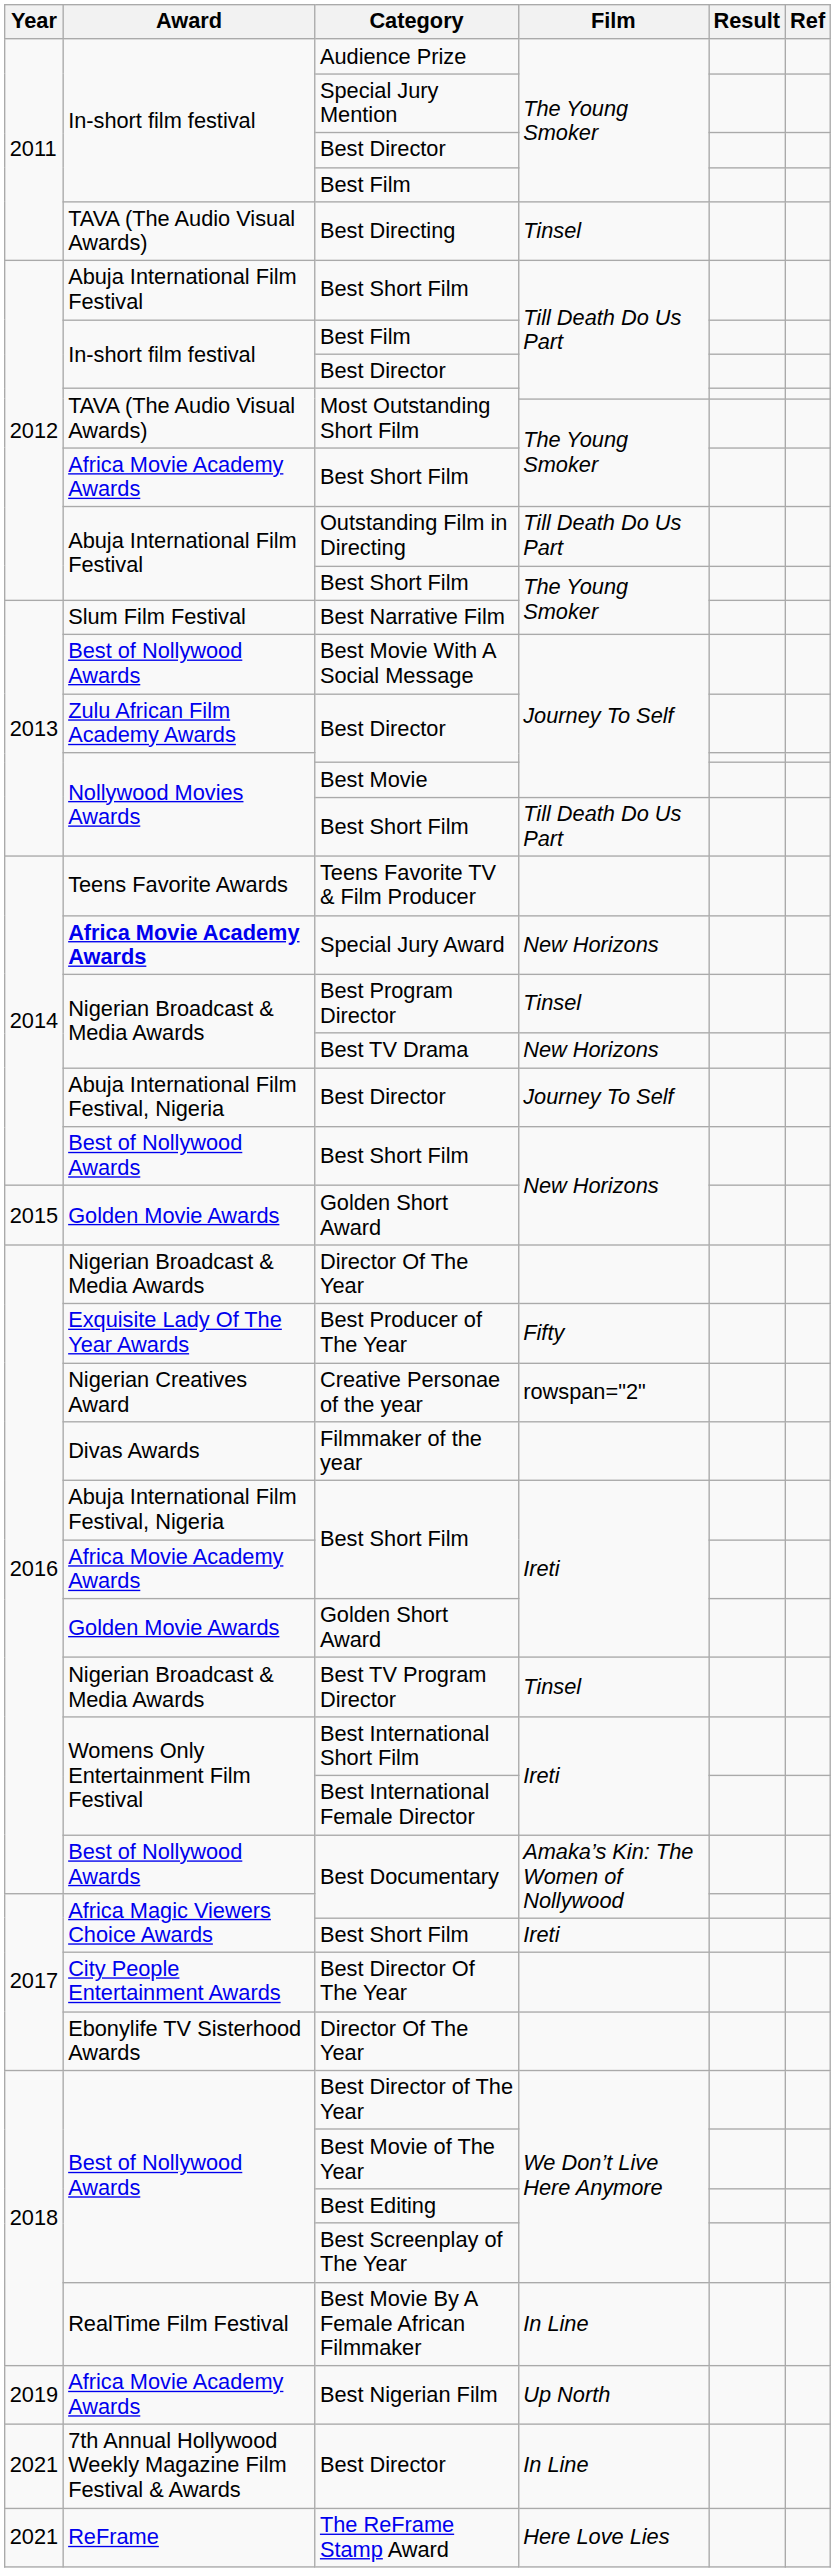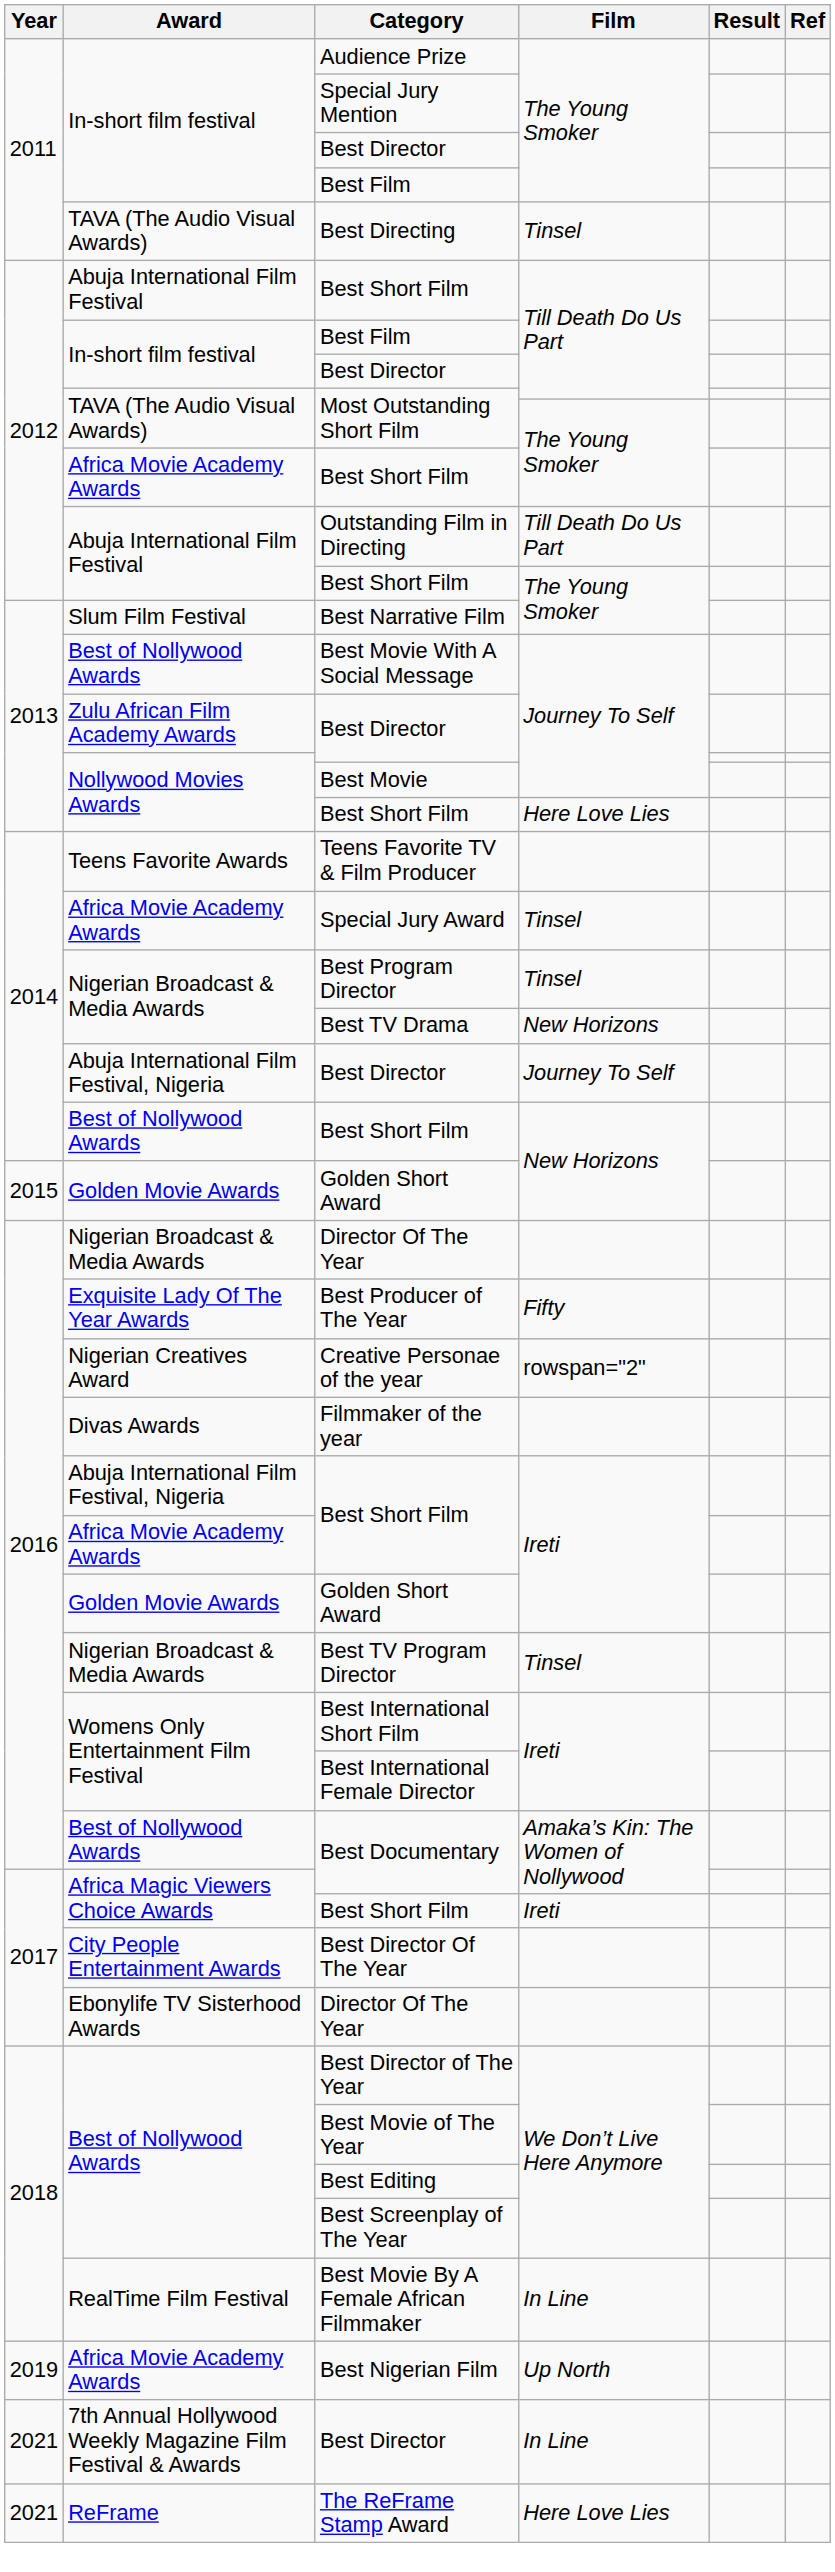 <table class="wikitable">
 <tr>
 <th>Year</th>
 <th>Award</th>
 <th>Category</th>
 <th>Film</th>
 <th>Result</th>
 <th>Ref</th>
 </tr>
 <tr>
 <td rowspan="5">2011</td>
 <td rowspan="4">In-short film festival</td>
 <td>Audience Prize</td>
 <td rowspan="4"><em>The Young Smoker</em></td>
 <td></td>
 <td></td>
 </tr>
 <tr>
 <td>Special Jury Mention</td>
 <td></td>
 <td></td>
 </tr>
 <tr>
 <td>Best Director</td>
 <td></td>
 <td></td>
 </tr>
 <tr>
 <td>Best Film</td>
 <td></td>
 <td></td>
 </tr>
 <tr>
 <td>TAVA (The Audio Visual Awards)</td>
 <td>Best Directing</td>
 <td><em>Tinsel</em></td>
 <td></td>
 <td></td>
 </tr>
 <tr>
 <td rowspan="8">2012</td>
 <td>Abuja International Film Festival</td>
 <td>Best Short Film</td>
 <td rowspan="4"><em>Till Death Do Us Part</em></td>
 <td></td>
 <td></td>
 </tr>
 <tr>
 <td rowspan="2">In-short film festival</td>
 <td>Best Film</td>
 <td></td>
 <td></td>
 </tr>
 <tr>
 <td>Best Director </td>
 <td></td>
 <td></td>
 </tr>
 <tr>
 <td rowspan="2">TAVA (The Audio Visual Awards)</td>
 <td rowspan="2">Most Outstanding Short Film</td>
 <td></td>
 <td></td>
 </tr>
 <tr>
 <td rowspan="2"><em>The Young Smoker</em></td>
 <td></td>
 <td></td>
 </tr>
 <tr>
 <td><a href='#'>Africa Movie Academy Awards</a></td>
 <td>Best Short Film</td>
 <td></td>
 <td></td>
 </tr>
 <tr>
 <td rowspan="2">Abuja International Film Festival</td>
 <td>Outstanding Film in Directing</td>
 <td><em>Till Death Do Us Part</em></td>
 <td></td>
 <td></td>
 </tr>
 <tr>
 <td>Best Short Film</td>
 <td rowspan="2"><em>The Young Smoker</em></td>
 <td></td>
 <td></td>
 </tr>
 <tr>
 <td rowspan="6">2013</td>
 <td>Slum Film Festival</td>
 <td>Best Narrative Film</td>
 <td></td>
 <td></td>
 </tr>
 <tr>
 <td><a href='#'>Best of Nollywood Awards</a></td>
 <td>Best Movie With A Social Message</td>
 <td rowspan="4"><em>Journey To Self</em></td>
 <td></td>
 <td></td>
 </tr>
 <tr>
 <td><a href='#'>Zulu African Film Academy Awards</a></td>
 <td rowspan="2">Best Director</td>
 <td></td>
 <td></td>
 </tr>
 <tr>
 <td rowspan="3"><a href='#'>Nollywood Movies Awards</a></td>
 <td></td>
 <td></td>
 </tr>
 <tr>
 <td>Best Movie</td>
 <td></td>
 <td></td>
 </tr>
 <tr>
 <td>Best Short Film</td>
-<td><em>Till Death Do Us Part</em></td>
+<td><em>Here Love Lies</em></td>
 <td></td>
 <td></td>
 </tr>
 <tr>
 <td rowspan="6">2014</td>
 <td>Teens Favorite Awards</td>
 <td>Teens Favorite TV & Film Producer</td>
 <td></td>
 <td></td>
 <td></td>
 </tr>
 <tr>
-<td><strong><a href='#'>Africa Movie Academy Awards</a></strong></td>
+<td><a href='#'>Africa Movie Academy Awards</a></td>
 <td>Special Jury Award</td>
-<td><em>New Horizons</em></td>
+<td><em>Tinsel</em></td>
 <td></td>
 <td></td>
 </tr>
 <tr>
 <td rowspan="2">Nigerian Broadcast & Media Awards</td>
 <td>Best Program Director</td>
 <td><em>Tinsel</em></td>
 <td></td>
 <td></td>
 </tr>
 <tr>
 <td>Best TV Drama</td>
 <td><em>New Horizons</em></td>
 <td></td>
 <td></td>
 </tr>
 <tr>
 <td>Abuja International Film Festival, Nigeria</td>
 <td>Best Director</td>
 <td><em>Journey To Self</em></td>
 <td></td>
 <td></td>
 </tr>
 <tr>
 <td><a href='#'>Best of Nollywood Awards</a></td>
 <td>Best Short Film</td>
 <td rowspan="2"><em>New Horizons</em></td>
 <td></td>
 <td></td>
 </tr>
 <tr>
 <td>2015</td>
 <td><a href='#'>Golden Movie Awards</a></td>
 <td>Golden Short Award</td>
 <td></td>
 <td></td>
 </tr>
 <tr>
 <td rowspan="11">2016</td>
 <td>Nigerian Broadcast & Media Awards</td>
 <td>Director Of The Year</td>
 <td></td>
 <td></td>
 <td></td>
 </tr>
 <tr>
 <td><a href='#'>Exquisite Lady Of The Year Awards</a></td>
 <td>Best Producer of The Year </td>
 <td><em>Fifty</em></td>
 <td></td>
 <td></td>
 </tr>
 <tr>
 <td>Nigerian Creatives Award</td>
 <td>Creative Personae of the year</td>
 <td>rowspan="2" </td>
 <td></td>
 <td></td>
 </tr>
 <tr>
 <td>Divas Awards</td>
 <td>Filmmaker of the year</td>
 <td></td>
 <td></td>
 </tr>
 <tr>
 <td>Abuja International Film Festival, Nigeria</td>
 <td rowspan="2">Best Short Film</td>
 <td rowspan="3"><em>Ireti</em></td>
 <td></td>
 <td></td>
 </tr>
 <tr>
 <td><a href='#'>Africa Movie Academy Awards</a></td>
 <td></td>
 <td></td>
 </tr>
 <tr>
 <td><a href='#'>Golden Movie Awards</a></td>
 <td>Golden Short Award</td>
 <td></td>
 <td></td>
 </tr>
 <tr>
 <td>Nigerian Broadcast & Media Awards</td>
 <td>Best TV Program Director</td>
 <td><em>Tinsel</em></td>
 <td></td>
 <td></td>
 </tr>
 <tr>
 <td rowspan="2">Womens Only Entertainment Film Festival</td>
 <td>Best International Short Film</td>
 <td rowspan="2"><em>Ireti</em></td>
 <td></td>
 <td></td>
 </tr>
 <tr>
 <td>Best International Female Director</td>
 <td></td>
 <td></td>
 </tr>
 <tr>
 <td><a href='#'>Best of Nollywood Awards</a></td>
 <td rowspan="2">Best Documentary</td>
 <td rowspan="2"><em>Amaka’s Kin: The Women of Nollywood</em></td>
 <td></td>
 <td></td>
 </tr>
 <tr>
 <td rowspan="4">2017</td>
 <td rowspan="2"><a href='#'>Africa Magic Viewers Choice Awards</a></td>
 <td></td>
 <td></td>
 </tr>
 <tr>
 <td>Best Short Film</td>
 <td><em>Ireti</em></td>
 <td></td>
 <td></td>
 </tr>
 <tr>
 <td><a href='#'>City People Entertainment Awards</a></td>
 <td>Best Director Of The Year</td>
 <td></td>
 <td></td>
 <td></td>
 </tr>
 <tr>
 <td>Ebonylife TV Sisterhood Awards</td>
 <td>Director Of The Year </td>
 <td></td>
 <td></td>
 <td></td>
 </tr>
 <tr>
 <td rowspan="5">2018</td>
 <td rowspan="4"><a href='#'>Best of Nollywood Awards</a></td>
 <td>Best Director of The Year</td>
 <td rowspan="4"><em>We Don’t Live Here Anymore</em></td>
 <td></td>
 <td></td>
 </tr>
 <tr>
 <td>Best Movie of The Year</td>
 <td></td>
 <td></td>
 </tr>
 <tr>
 <td>Best Editing</td>
 <td></td>
 <td></td>
 </tr>
 <tr>
 <td>Best Screenplay of The Year</td>
 <td></td>
 <td></td>
 </tr>
 <tr>
 <td>RealTime Film Festival</td>
 <td>Best Movie By A Female African Filmmaker</td>
 <td><em>In Line</em></td>
 <td></td>
 <td></td>
 </tr>
 <tr>
 <td>2019</td>
 <td><a href='#'>Africa Movie Academy Awards</a></td>
 <td>Best Nigerian Film</td>
 <td><em>Up North</em></td>
 <td></td>
 <td></td>
 </tr>
 <tr>
 <td>2021</td>
 <td>7th Annual Hollywood Weekly Magazine Film Festival & Awards</td>
 <td>Best Director</td>
 <td><em>In Line</em></td>
 <td></td>
 <td></td>
 </tr>
 <tr>
 <td>2021</td>
 <td><a href='#'>ReFrame</a></td>
 <td><a href='#'>The ReFrame Stamp</a> Award</td>
 <td><em>Here Love Lies</em></td>
 <td></td>
 <td></td>
 </tr>
 </table>
